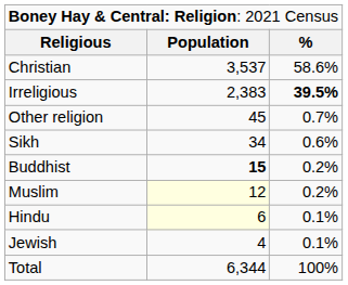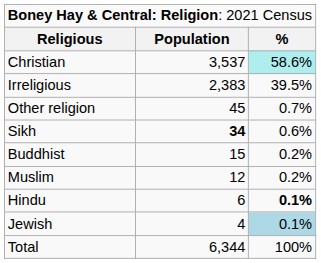 <table class="wikitable">
 <tr>
 <td colspan="14" style="text-align:right;"><strong>Boney Hay & Central: Religion</strong>: 2021 Census</td>
 </tr>
 <tr>
 <th>Religious</th>
 <th>Population</th>
 <th>%</th>
 </tr>
 <tr>
 <td>Christian</td>
 <td style="text-align:right;">3,537</td>
-<td style="text-align:right;">58.6%</td>
+<td style="background: paleturquoise; text-align:right;">58.6%</td>
 </tr>
 <tr>
 <td>Irreligious</td>
 <td style="text-align:right;">2,383</td>
-<td style="text-align:right;"><strong>39.5%</strong></td>
+<td style="text-align:right;">39.5%</td>
 </tr>
 <tr>
 <td>Other religion</td>
 <td style="text-align:right;">45</td>
 <td style="text-align:right;">0.7%</td>
 </tr>
 <tr>
 <td>Sikh</td>
-<td style="text-align:right;">34</td>
+<td style="text-align:right;"><strong>34</strong></td>
 <td style="text-align:right;">0.6%</td>
 </tr>
 <tr>
 <td>Buddhist</td>
-<td style="text-align:right;"><strong>15</strong></td>
+<td style="text-align:right;">15</td>
 <td style="text-align:right;">0.2%</td>
 </tr>
 <tr>
 <td>Muslim</td>
-<td style="background: lightyellow; text-align:right;">12</td>
+<td style="text-align:right;">12</td>
 <td style="text-align:right;">0.2%</td>
 </tr>
 <tr>
 <td>Hindu</td>
-<td style="background: lightyellow; text-align:right;">6</td>
-<td style="text-align:right;">0.1%</td>
+<td style="text-align:right;">6</td>
+<td style="text-align:right;"><strong>0.1%</strong></td>
 </tr>
 <tr>
 <td>Jewish</td>
 <td style="text-align:right;">4</td>
-<td style="text-align:right;">0.1%</td>
+<td style="background: lightblue; text-align:right;">0.1%</td>
 </tr>
 <tr>
 <td>Total</td>
 <td style="text-align:right;">6,344</td>
 <td style="text-align:right;">100%</td>
 </tr>
 </table>
